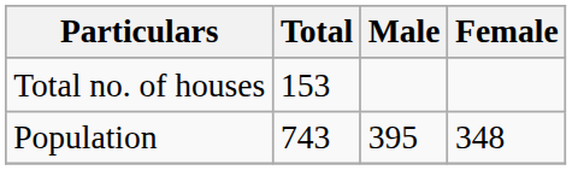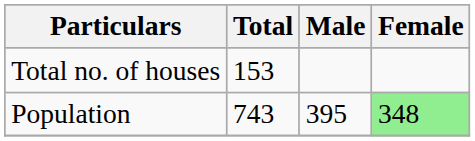 <table class="wikitable sortable">
 <tr>
 <th>Particulars</th>
 <th>Total</th>
 <th>Male</th>
 <th>Female</th>
 </tr>
 <tr>
 <td>Total no. of houses</td>
 <td>153</td>
 <td></td>
 <td></td>
 </tr>
 <tr>
 <td>Population</td>
 <td>743</td>
 <td>395</td>
-<td>348</td>
+<td style="background: lightgreen;">348</td>
 </tr>
 <tr>
 </tr>
 </table>
